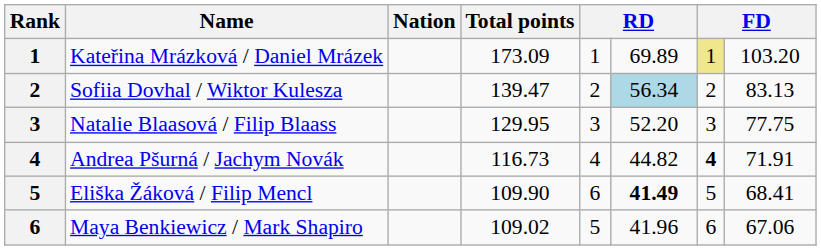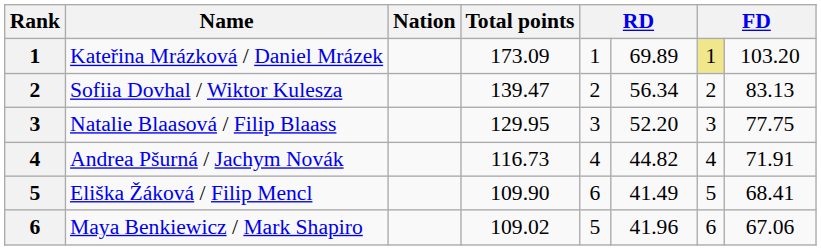 <table class="wikitable sortable">
 <tr>
 <th>Rank</th>
 <th>Name</th>
 <th>Nation</th>
 <th>Total points</th>
 <th colspan="2" width="80px" align="center"><a href='#'>RD</a></th>
 <th colspan="2" width="80px" align="center"><a href='#'>FD</a></th>
 </tr>
 <tr>
 <th>1</th>
 <td><a href='#'>Kateřina Mrázková</a> / <a href='#'>Daniel Mrázek</a></td>
 <td></td>
 <td align="center">173.09</td>
 <td align="center">1</td>
 <td align="center">69.89</td>
 <td align="center" style="background: khaki;">1</td>
 <td align="center">103.20</td>
 </tr>
 <tr>
 <th>2</th>
 <td><a href='#'>Sofiia Dovhal</a> / <a href='#'>Wiktor Kulesza</a></td>
 <td></td>
 <td align="center">139.47</td>
 <td align="center">2</td>
-<td align="center" style="background: lightblue;">56.34</td>
+<td align="center">56.34</td>
 <td align="center">2</td>
 <td align="center">83.13</td>
 </tr>
 <tr>
 <th>3</th>
 <td><a href='#'>Natalie Blaasová</a> / <a href='#'>Filip Blaass</a></td>
 <td></td>
 <td align="center">129.95</td>
 <td align="center">3</td>
 <td align="center">52.20</td>
 <td align="center">3</td>
 <td align="center">77.75</td>
 </tr>
 <tr>
 <th>4</th>
 <td><a href='#'>Andrea Pšurná</a> / <a href='#'>Jachym Novák</a></td>
 <td></td>
 <td align="center">116.73</td>
 <td align="center">4</td>
 <td align="center">44.82</td>
-<td align="center"><strong>4</strong></td>
+<td align="center">4</td>
 <td align="center">71.91</td>
 </tr>
 <tr>
 <th>5</th>
 <td><a href='#'>Eliška Žáková</a> / <a href='#'>Filip Mencl</a></td>
 <td></td>
 <td align="center">109.90</td>
 <td align="center">6</td>
-<td align="center"><strong>41.49</strong></td>
+<td align="center">41.49</td>
 <td align="center">5</td>
 <td align="center">68.41</td>
 </tr>
 <tr>
 <th>6</th>
 <td><a href='#'>Maya Benkiewicz</a> / <a href='#'>Mark Shapiro</a></td>
 <td></td>
 <td align="center">109.02</td>
 <td align="center">5</td>
 <td align="center">41.96</td>
 <td align="center">6</td>
 <td align="center">67.06</td>
 </tr>
 </table>
